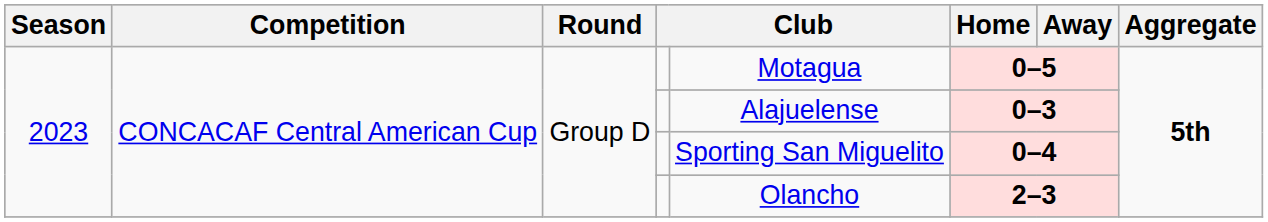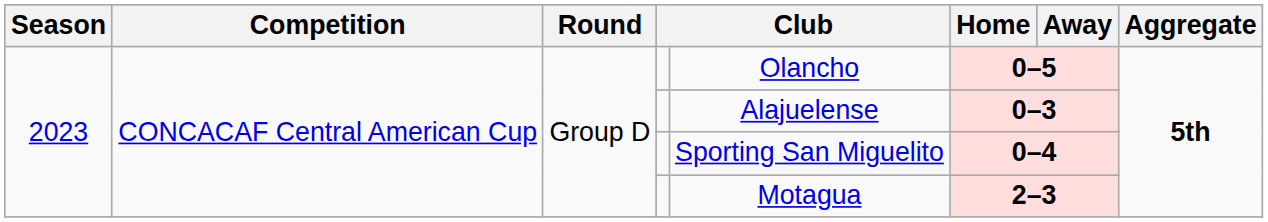 <table class="wikitable" style="text-align:center;">
 <tr>
 <th>Season</th>
 <th>Competition</th>
 <th>Round</th>
 <th colspan=2>Club</th>
 <th>Home</th>
 <th>Away</th>
 <th>Aggregate</th>
 </tr>
 <tr>
 <td rowspan=4><a href='#'>2023</a></td>
 <td rowspan=4><a href='#'>CONCACAF Central American Cup</a></td>
 <td rowspan=4>Group D</td>
 <td></td>
-<td><a href='#'>Motagua</a></td>
+<td><a href='#'>Olancho</a></td>
 <td colspan=2 style="background:#fdd;"><strong>0–5</strong></td>
 <td rowspan=4><strong>5th</strong></td>
 </tr>
 <tr>
 <td></td>
 <td><a href='#'>Alajuelense</a></td>
 <td colspan=2 style="background:#fdd;"><strong>0–3</strong></td>
 </tr>
 <tr>
 <td></td>
 <td><a href='#'>Sporting San Miguelito</a></td>
 <td colspan=2 style="background:#fdd;"><strong>0–4</strong></td>
 </tr>
 <tr>
 <td></td>
-<td><a href='#'>Olancho</a></td>
+<td><a href='#'>Motagua</a></td>
 <td colspan=2 style="background:#fdd;"><strong>2–3</strong></td>
 </tr>
 </table>
